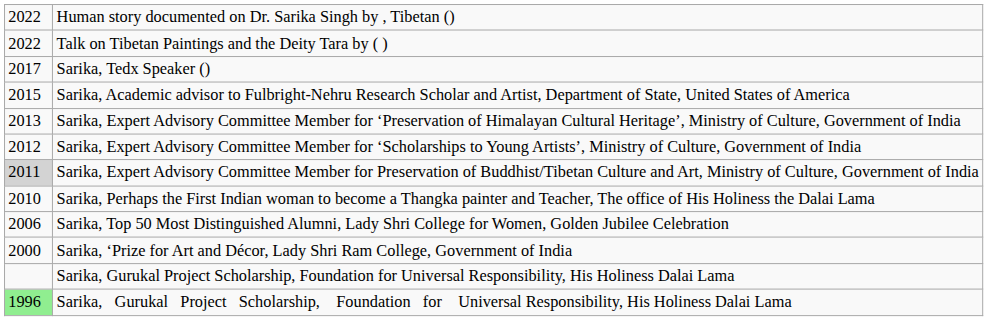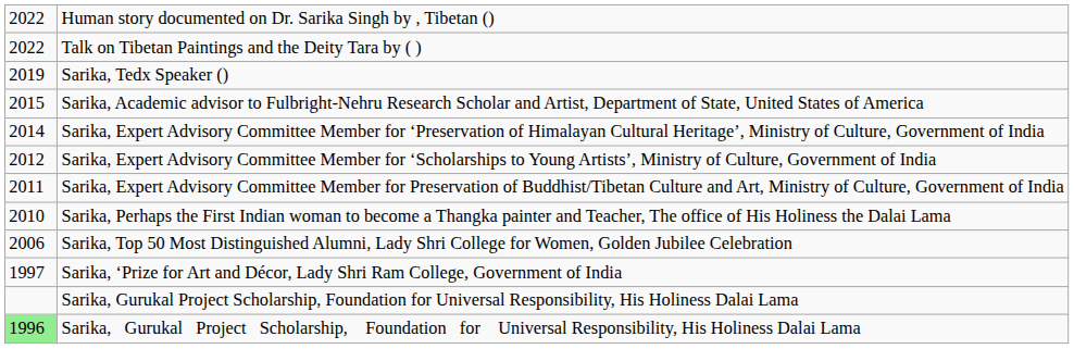 <table class="wikitable">
 <tr>
 <td>2022</td>
 <td>Human story documented on Dr. Sarika Singh by , Tibetan ()</td>
 </tr>
 <tr>
 <td>2022</td>
 <td>Talk on Tibetan Paintings and the Deity Tara by  ( )</td>
 </tr>
 <tr>
-<td>2017</td>
+<td>2019</td>
 <td>Sarika, Tedx Speaker ()</td>
 </tr>
 <tr>
 <td>2015</td>
 <td>Sarika, Academic advisor to Fulbright-Nehru Research Scholar and Artist, Department of State, United States of America</td>
 </tr>
 <tr>
-<td>2013</td>
+<td>2014</td>
 <td>Sarika, Expert Advisory Committee Member for ‘Preservation of Himalayan Cultural Heritage’, Ministry of Culture, Government of India</td>
 </tr>
 <tr>
 <td>2012</td>
 <td>Sarika, Expert Advisory Committee Member for ‘Scholarships to Young Artists’, Ministry of Culture, Government of India</td>
 </tr>
 <tr>
-<td style="background: lightgrey;">2011</td>
+<td>2011</td>
 <td>Sarika, Expert Advisory Committee Member for Preservation of Buddhist/Tibetan Culture and Art, Ministry of Culture, Government of India</td>
 </tr>
 <tr>
 <td>2010</td>
 <td>Sarika, Perhaps the First Indian woman to become a Thangka painter and Teacher, The office of His Holiness the Dalai Lama</td>
 </tr>
 <tr>
 <td>2006  </td>
 <td>Sarika, Top 50 Most Distinguished Alumni, Lady Shri College for Women, Golden Jubilee Celebration</td>
 </tr>
 <tr>
-<td>2000</td>
+<td>1997</td>
 <td>Sarika, ‘Prize for Art and Décor, Lady Shri Ram College, Government of India</td>
 </tr>
 <tr>
 <td></td>
 <td>Sarika, Gurukal Project Scholarship, Foundation for Universal Responsibility, His Holiness Dalai Lama</td>
 </tr>
 <tr>
 <td style="background: lightgreen;">1996</td>
 <td>Sarika,   Gurukal   Project   Scholarship,    Foundation   for    Universal Responsibility, His Holiness Dalai Lama</td>
 </tr>
 </table>
